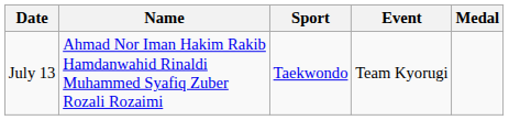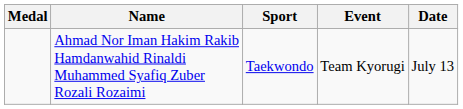 <table class="wikitable sortable" style="font-size: 95%;">
 <tr>
-<th>Date</th>
+<th>Medal</th>
 <th>Name</th>
 <th>Sport</th>
 <th>Event</th>
-<th>Medal</th>
+<th>Date</th>
 </tr>
 <tr>
-<td>July 13</td>
+<td></td>
 <td><a href='#'>Ahmad Nor Iman Hakim Rakib</a><br><a href='#'>Hamdanwahid Rinaldi</a><br><a href='#'>Muhammed Syafiq Zuber</a><br><a href='#'>Rozali Rozaimi</a></td>
 <td><a href='#'>Taekwondo</a></td>
 <td>Team Kyorugi</td>
-<td></td>
+<td>July 13</td>
 </tr>
 </table>
